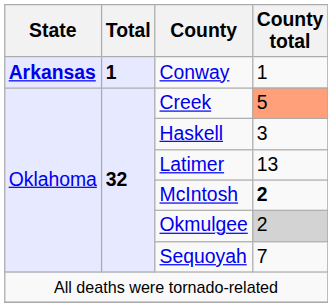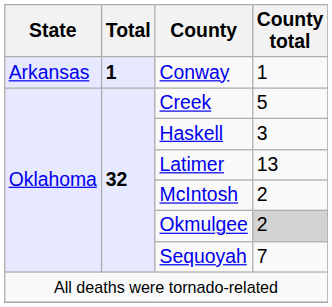 <table class="wikitable" style="margin:0 0 0.5em 1em;float:right;">
 <tr>
 <th><strong>State</strong></th>
 <th><strong>Total</strong></th>
 <th><strong>County</strong></th>
 <th><strong>County<br>total</strong></th>
 </tr>
 <tr>
-<td rowspan=1 bgcolor="#e6e9ff"><strong><a href='#'>Arkansas</a></strong></td>
+<td rowspan=1 bgcolor="#e6e9ff"><a href='#'>Arkansas</a></td>
 <td rowspan=1 bgcolor="#e6e9ff"><strong>1</strong></td>
 <td><a href='#'>Conway</a></td>
 <td>1</td>
 </tr>
 <tr>
 <td rowspan=6 bgcolor="#e6e9ff"><a href='#'>Oklahoma</a></td>
 <td rowspan=6 bgcolor="#e6e9ff"><strong>32</strong></td>
 <td><a href='#'>Creek</a></td>
-<td style="background: lightsalmon;">5</td>
+<td>5</td>
 </tr>
 <tr>
 <td><a href='#'>Haskell</a></td>
 <td>3</td>
 </tr>
 <tr>
 <td><a href='#'>Latimer</a></td>
 <td>13</td>
 </tr>
 <tr>
 <td><a href='#'>McIntosh</a></td>
-<td><strong>2</strong></td>
+<td>2</td>
 </tr>
 <tr>
 <td><a href='#'>Okmulgee</a></td>
 <td style="background: lightgrey;">2</td>
 </tr>
 <tr>
 <td><a href='#'>Sequoyah</a></td>
 <td>7</td>
 </tr>
 <tr>
 <td colspan=4 align=center><small>All deaths were tornado-related</small></td>
 </tr>
 <tr>
 </tr>
 </table>
